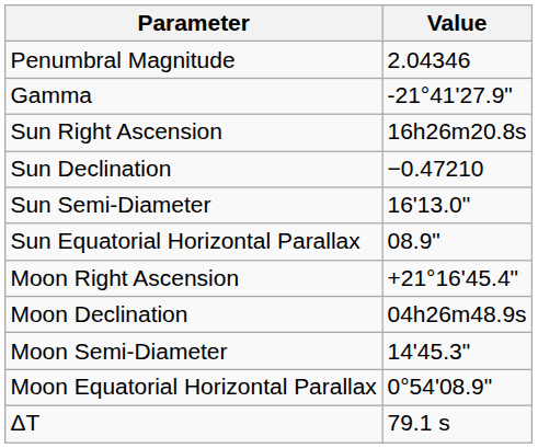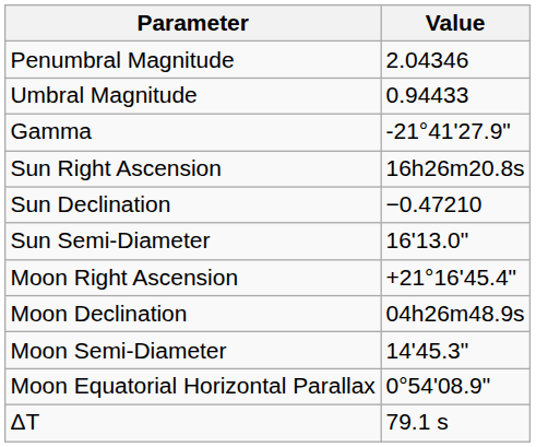 <table class="wikitable">
 <tr>
 <th>Parameter</th>
 <th>Value</th>
 </tr>
 <tr>
 <td>Penumbral Magnitude</td>
 <td>2.04346</td>
+</tr>
+<tr>
+<td>Umbral Magnitude</td>
+<td>0.94433</td>
 </tr>
 <tr>
 <td>Gamma</td>
 <td>-21°41'27.9"</td>
 </tr>
 <tr>
 <td>Sun Right Ascension</td>
 <td>16h26m20.8s</td>
 </tr>
 <tr>
 <td>Sun Declination</td>
 <td>−0.47210</td>
 </tr>
 <tr>
 <td>Sun Semi-Diameter</td>
 <td>16'13.0"</td>
-</tr>
-<tr>
-<td>Sun Equatorial Horizontal Parallax</td>
-<td>08.9"</td>
 </tr>
 <tr>
 <td>Moon Right Ascension</td>
 <td>+21°16'45.4"</td>
 </tr>
 <tr>
 <td>Moon Declination</td>
 <td>04h26m48.9s</td>
 </tr>
 <tr>
 <td>Moon Semi-Diameter</td>
 <td>14'45.3"</td>
 </tr>
 <tr>
 <td>Moon Equatorial Horizontal Parallax</td>
 <td>0°54'08.9"</td>
 </tr>
 <tr>
 <td>ΔT</td>
 <td>79.1 s</td>
 </tr>
 </table>
